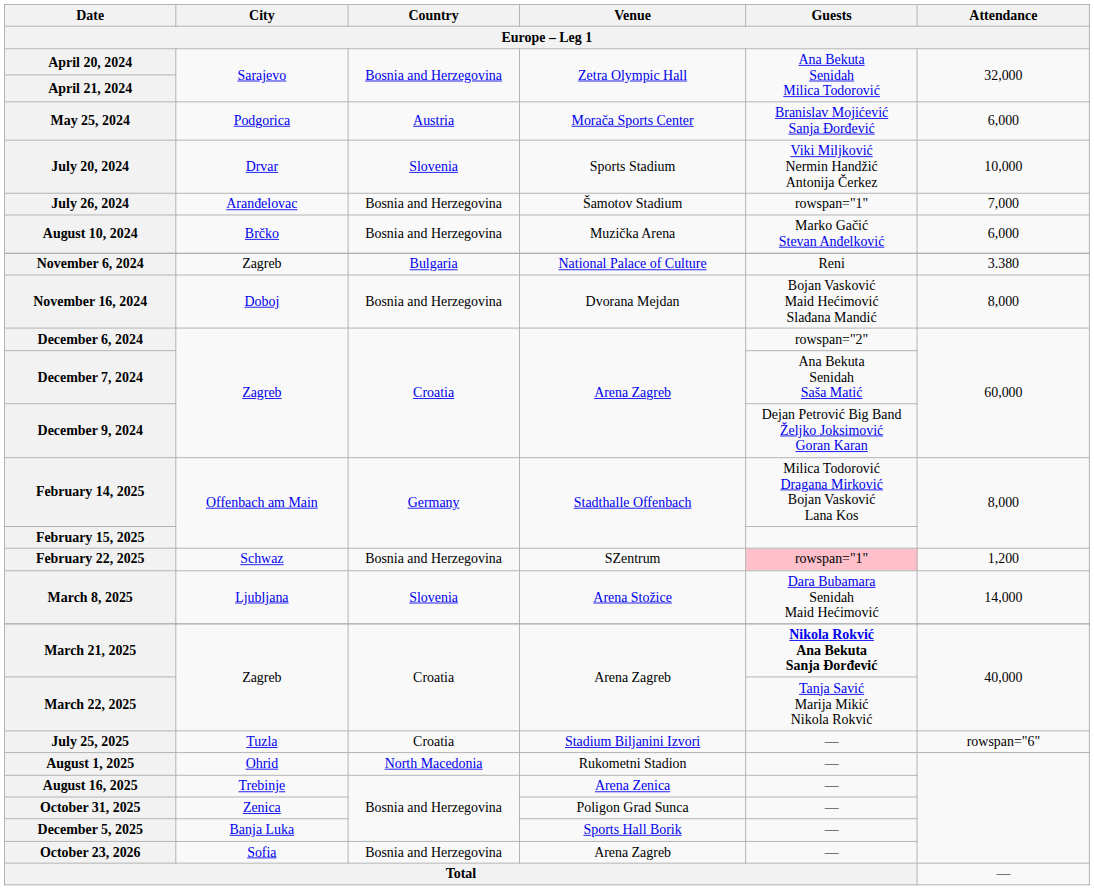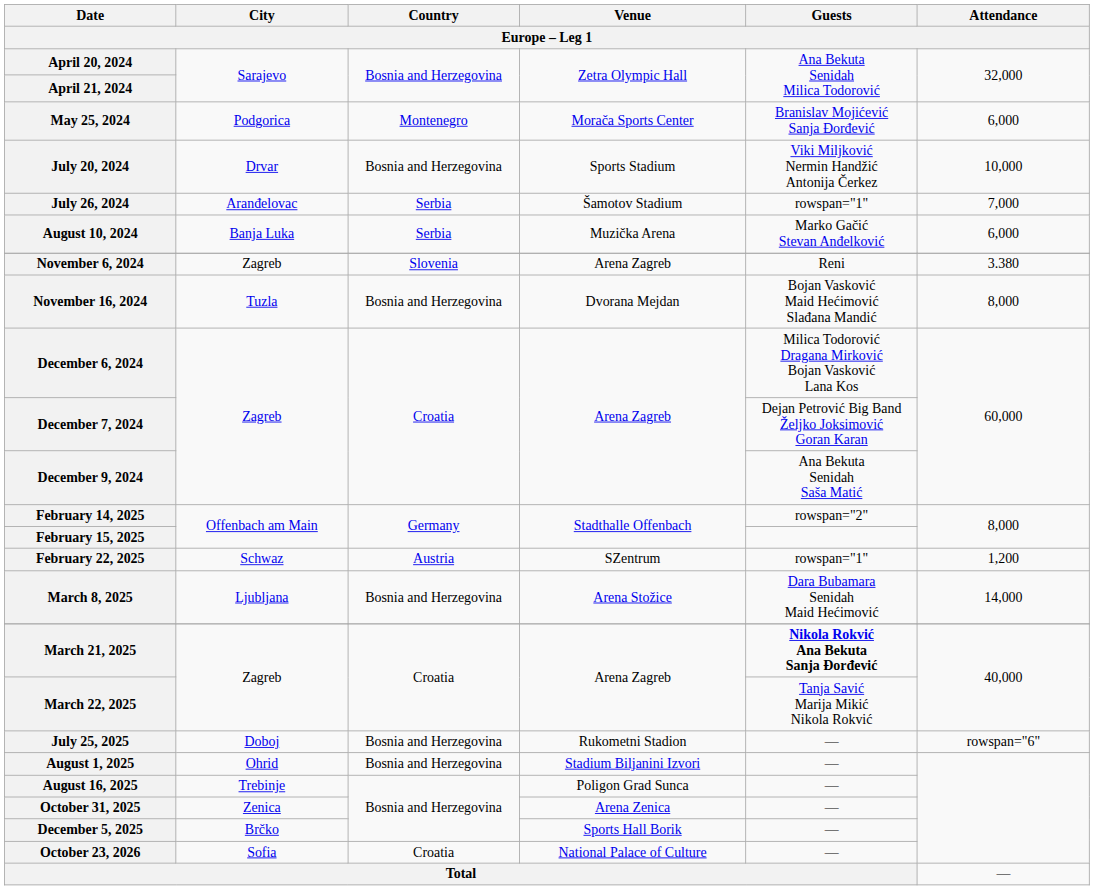 <table class="wikitable plainrowheaders" style="text-align:center;">
 <tr>
 <th scope="col" style="width:12em;">Date</th>
 <th scope="col" style="width:12em;">City</th>
 <th scope="col" style="width:12em;">Country</th>
 <th scope="col" style="width:16em;">Venue</th>
 <th scope="col" style="width:12em;">Guests</th>
 <th scope="col" style="width:12em;">Attendance</th>
 </tr>
 <tr>
 <th colspan="6">Europe – Leg 1</th>
 </tr>
 <tr>
 <th scope="row" style="text-align:center;">April 20, 2024</th>
 <td rowspan="2"><a href='#'>Sarajevo</a></td>
 <td rowspan="2"><a href='#'>Bosnia and Herzegovina</a></td>
 <td rowspan="2"><a href='#'>Zetra Olympic Hall</a></td>
 <td rowspan="2"><a href='#'>Ana Bekuta</a> <br><a href='#'>Senidah</a> <br><a href='#'>Milica Todorović</a></td>
 <td rowspan="2">32,000</td>
 </tr>
 <tr>
 <th scope="row" style="text-align:center;">April 21, 2024</th>
 </tr>
 <tr>
 <th scope="row" style="text-align:center;">May 25, 2024</th>
 <td><a href='#'>Podgorica</a></td>
-<td><a href='#'>Austria</a></td>
+<td rowspan="1"><a href='#'>Montenegro</a></td>
 <td><a href='#'>Morača Sports Center</a></td>
 <td rowspan="1"><a href='#'>Branislav Mojićević</a> <br><a href='#'>Sanja Đorđević</a></td>
 <td>6,000</td>
 </tr>
 <tr>
 <th scope="row" style="text-align:center;">July 20, 2024</th>
 <td><a href='#'>Drvar</a></td>
-<td><a href='#'>Slovenia</a></td>
+<td rowspan="1">Bosnia and Herzegovina</td>
 <td>Sports Stadium</td>
 <td rowspan="1"><a href='#'>Viki Miljković</a> <br>Nermin Handžić <br>Antonija Čerkez</td>
 <td>10,000</td>
 </tr>
 <tr>
 <th scope="row" style="text-align:center;">July 26, 2024</th>
 <td><a href='#'>Aranđelovac</a></td>
-<td rowspan="1">Bosnia and Herzegovina</td>
+<td rowspan="1"><a href='#'>Serbia</a></td>
 <td>Šamotov Stadium</td>
 <td>rowspan="1" </td>
 <td>7,000</td>
 </tr>
 <tr>
 <th scope="row" style="text-align:center;">August 10, 2024</th>
-<td><a href='#'>Brčko</a></td>
-<td rowspan="1">Bosnia and Herzegovina</td>
+<td><a href='#'>Banja Luka</a></td>
+<td rowspan="1"><a href='#'>Serbia</a></td>
 <td>Muzička Arena</td>
 <td rowspan="1">Marko Gačić<br><a href='#'>Stevan Anđelković</a></td>
 <td>6,000</td>
 </tr>
 <tr>
 </tr>
 <tr>
 <th scope="row" style="text-align:center;">November 6, 2024</th>
 <td rowspan="1">Zagreb</td>
-<td><a href='#'>Bulgaria</a></td>
-<td><a href='#'>National Palace of Culture</a></td>
+<td><a href='#'>Slovenia</a></td>
+<td rowspan="1">Arena Zagreb</td>
 <td rowspan="1">Reni</td>
 <td>3.380</td>
 </tr>
 <tr>
 <th scope="row" style="text-align:center;">November 16, 2024</th>
-<td><a href='#'>Doboj</a></td>
+<td><a href='#'>Tuzla</a></td>
 <td rowspan="1">Bosnia and Herzegovina</td>
 <td>Dvorana Mejdan</td>
 <td rowspan="1">Bojan Vasković<br>Maid Hećimović<br>Slađana Mandić</td>
 <td>8,000</td>
 </tr>
 <tr>
 <th scope="row" style="text-align:center;">December 6, 2024</th>
 <td rowspan="3"><a href='#'>Zagreb</a></td>
 <td rowspan="3"><a href='#'>Croatia</a></td>
 <td rowspan="3"><a href='#'>Arena Zagreb</a></td>
-<td>rowspan="2" </td>
+<td rowspan="1">Milica Todorović<br><a href='#'>Dragana Mirković</a><br>Bojan Vasković<br>Lana Kos</td>
 <td rowspan="3">60,000</td>
 </tr>
 <tr>
 <th scope="row" style="text-align:center;">December 7, 2024</th>
-<td rowspan="1">Ana Bekuta <br>Senidah <br><a href='#'>Saša Matić</a></td>
+<td rowspan="1">Dejan Petrović Big Band<br><a href='#'>Željko Joksimović</a><br><a href='#'>Goran Karan</a></td>
 </tr>
 <tr>
 <th scope="row" style="text-align:center;">December 9, 2024</th>
-<td rowspan="1">Dejan Petrović Big Band<br><a href='#'>Željko Joksimović</a><br><a href='#'>Goran Karan</a></td>
+<td rowspan="1">Ana Bekuta <br>Senidah <br><a href='#'>Saša Matić</a></td>
 </tr>
 <tr>
 <th scope="row" style="text-align:center;">February 14, 2025</th>
 <td rowspan="2"><a href='#'>Offenbach am Main</a></td>
 <td rowspan="2"><a href='#'>Germany</a></td>
 <td rowspan="2"><a href='#'>Stadthalle Offenbach</a></td>
-<td rowspan="1">Milica Todorović<br><a href='#'>Dragana Mirković</a><br>Bojan Vasković<br>Lana Kos</td>
+<td>rowspan="2" </td>
 <td rowspan="2">8,000</td>
 </tr>
 <tr>
 <th scope="row" style="text-align:center;">February 15, 2025</th>
 </tr>
 <tr>
 <th scope="row" style="text-align:center;">February 22, 2025</th>
 <td><a href='#'>Schwaz</a></td>
-<td rowspan="1">Bosnia and Herzegovina</td>
+<td><a href='#'>Austria</a></td>
 <td>SZentrum</td>
-<td style="background: pink;">rowspan="1" </td>
+<td>rowspan="1" </td>
 <td>1,200</td>
 </tr>
 <tr>
 <th scope="row" style="text-align:center;">March 8, 2025</th>
 <td><a href='#'>Ljubljana</a></td>
-<td><a href='#'>Slovenia</a></td>
+<td rowspan="1">Bosnia and Herzegovina</td>
 <td><a href='#'>Arena Stožice</a></td>
 <td rowspan="1"><a href='#'>Dara Bubamara</a><br>Senidah<br>Maid Hećimović</td>
 <td>14,000</td>
 </tr>
 <tr>
 </tr>
 <tr>
 <th scope="row" style="text-align:center;">March 21, 2025</th>
 <td rowspan="2">Zagreb</td>
 <td rowspan="2">Croatia</td>
 <td rowspan="2">Arena Zagreb</td>
 <td rowspan="1"><strong><a href='#'>Nikola Rokvić</a><br>Ana Bekuta<br>Sanja Đorđević</strong></td>
 <td rowspan="2">40,000</td>
 </tr>
 <tr>
 <th scope="row" style="text-align:center;">March 22, 2025</th>
 <td rowspan="1"><a href='#'>Tanja Savić</a><br>Marija Mikić<br>Nikola Rokvić</td>
 </tr>
 <tr>
 <th scope="row" style="text-align:center;">July 25, 2025</th>
-<td><a href='#'>Tuzla</a></td>
-<td rowspan="1">Croatia</td>
-<td><a href='#'>Stadium Biljanini Izvori</a></td>
+<td><a href='#'>Doboj</a></td>
+<td rowspan="1">Bosnia and Herzegovina</td>
+<td>Rukometni Stadion</td>
 <td>—</td>
 <td>rowspan="6" </td>
 </tr>
 <tr>
 <th scope="row" style="text-align:center;">August 1, 2025</th>
 <td><a href='#'>Ohrid</a></td>
-<td rowspan="1"><a href='#'>North Macedonia</a></td>
-<td>Rukometni Stadion</td>
+<td rowspan="1">Bosnia and Herzegovina</td>
+<td><a href='#'>Stadium Biljanini Izvori</a></td>
 <td>—</td>
 </tr>
 <tr>
 <th scope="row" style="text-align:center;">August 16, 2025</th>
 <td><a href='#'>Trebinje</a></td>
 <td rowspan="3">Bosnia and Herzegovina</td>
-<td><a href='#'>Arena Zenica</a></td>
+<td>Poligon Grad Sunca</td>
 <td>—</td>
 </tr>
 <tr>
 <th scope="row" style="text-align:center;">October 31, 2025</th>
 <td><a href='#'>Zenica</a></td>
-<td>Poligon Grad Sunca</td>
+<td><a href='#'>Arena Zenica</a></td>
 <td>—</td>
 </tr>
 <tr>
 <th scope="row" style="text-align:center;">December 5, 2025</th>
-<td><a href='#'>Banja Luka</a></td>
+<td><a href='#'>Brčko</a></td>
 <td><a href='#'>Sports Hall Borik</a></td>
 <td>—</td>
 </tr>
 <tr>
 <th scope="row" style="text-align:center;">October 23, 2026</th>
 <td><a href='#'>Sofia</a></td>
-<td rowspan="1">Bosnia and Herzegovina</td>
-<td rowspan="1">Arena Zagreb</td>
+<td rowspan="1">Croatia</td>
+<td><a href='#'>National Palace of Culture</a></td>
 <td rowspan="1">—</td>
 </tr>
 <tr>
 <th colspan="5"><strong>Total</strong></th>
 <td>—</td>
 </tr>
 </table>
